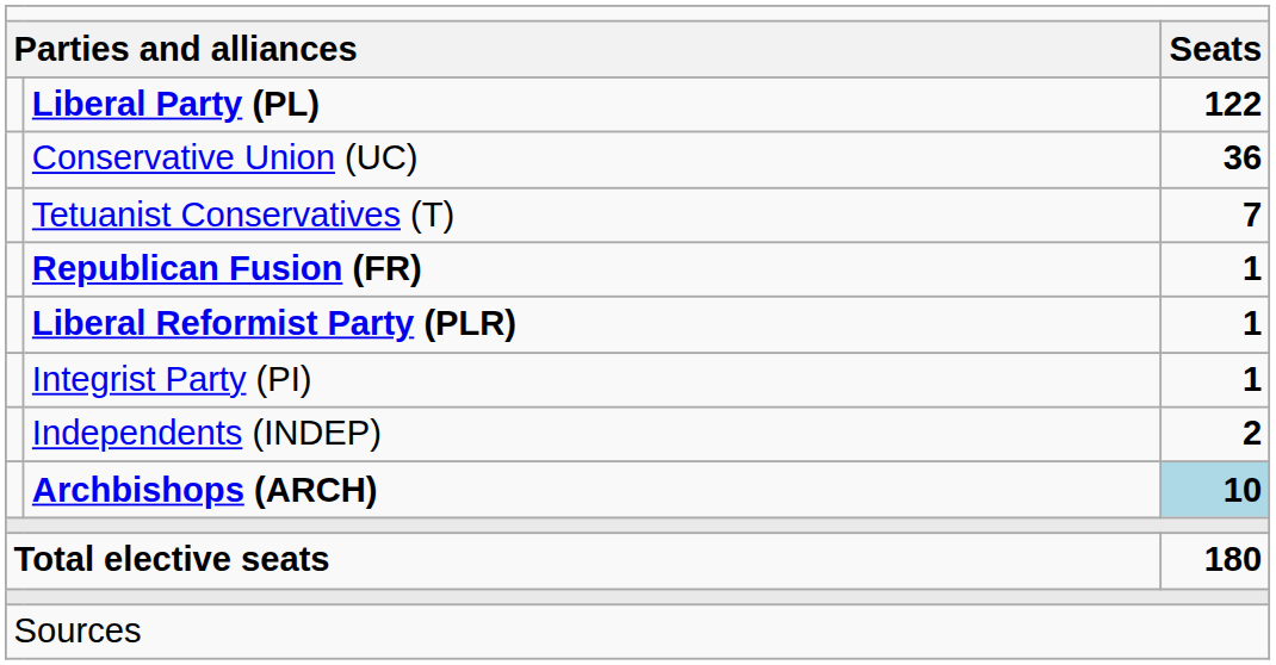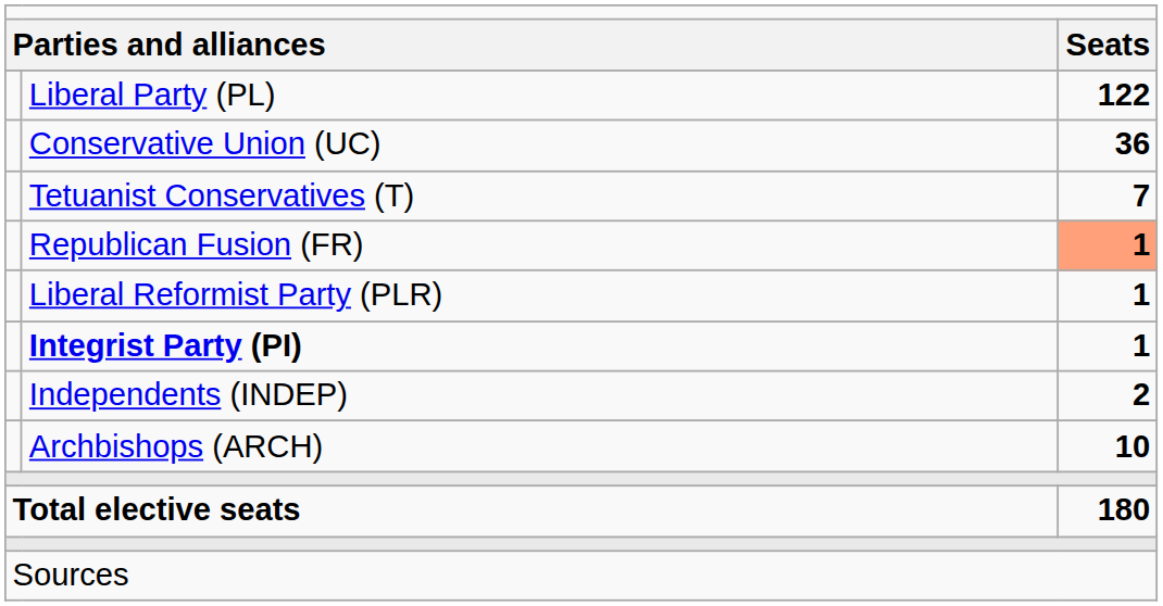 <table class="wikitable" style="text-align:right;">
 <tr>
 <td colspan="3"></td>
 </tr>
 <tr>
 <th style="text-align:left;" colspan="2" width="525">Parties and alliances</th>
 <th width="35">Seats</th>
 </tr>
 <tr>
 <td width="1" style="color:inherit;background:"></td>
-<td align="left"><strong><a href='#'>Liberal Party</a> (PL)</strong></td>
+<td align="left"><a href='#'>Liberal Party</a> (PL)</td>
 <td><strong>122</strong></td>
 </tr>
 <tr>
 <td style="color:inherit;background:"></td>
 <td align="left"><a href='#'>Conservative Union</a> (UC)</td>
 <td><strong>36</strong></td>
 </tr>
 <tr>
 <td style="color:inherit;background:"></td>
 <td align="left"><a href='#'>Tetuanist Conservatives</a> (T)</td>
 <td><strong>7</strong></td>
 </tr>
 <tr>
 <td style="color:inherit;background:"></td>
-<td align="left"><strong><a href='#'>Republican Fusion</a> (FR)</strong></td>
+<td align="left"><a href='#'>Republican Fusion</a> (FR)</td>
+<td style="background: lightsalmon;"><strong>1</strong></td>
+</tr>
+<tr>
+<td style="color:inherit;background:"></td>
+<td align="left"><a href='#'>Liberal Reformist Party</a> (PLR)</td>
 <td><strong>1</strong></td>
 </tr>
 <tr>
 <td style="color:inherit;background:"></td>
-<td align="left"><strong><a href='#'>Liberal Reformist Party</a> (PLR)</strong></td>
-<td><strong>1</strong></td>
-</tr>
-<tr>
-<td style="color:inherit;background:"></td>
-<td align="left"><a href='#'>Integrist Party</a> (PI)</td>
+<td align="left"><strong><a href='#'>Integrist Party</a> (PI)</strong></td>
 <td><strong>1</strong></td>
 </tr>
 <tr>
 <td style="color:inherit;background:"></td>
 <td align="left"><a href='#'>Independents</a> (INDEP)</td>
 <td><strong>2</strong></td>
 </tr>
 <tr>
 <td style="color:inherit;background:"></td>
-<td align="left"><strong><a href='#'>Archbishops</a> (ARCH)</strong></td>
-<td style="background: lightblue;"><strong>10</strong></td>
+<td align="left"><a href='#'>Archbishops</a> (ARCH)</td>
+<td><strong>10</strong></td>
 </tr>
 <tr>
 <td colspan="3" bgcolor="#E9E9E9"></td>
 </tr>
 <tr style="font-weight:bold;">
 <td align="left" colspan="2">Total elective seats</td>
 <td>180</td>
 </tr>
 <tr>
 <td colspan="3" bgcolor="#E9E9E9"></td>
 </tr>
 <tr>
 <td align="left" colspan="3">Sources</td>
 </tr>
 </table>
